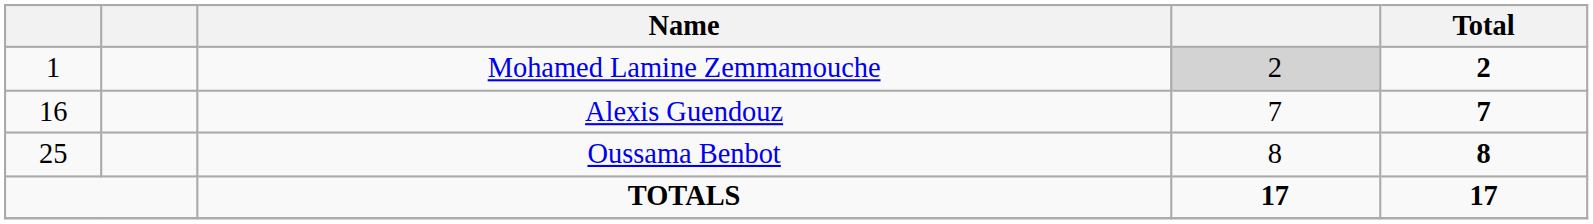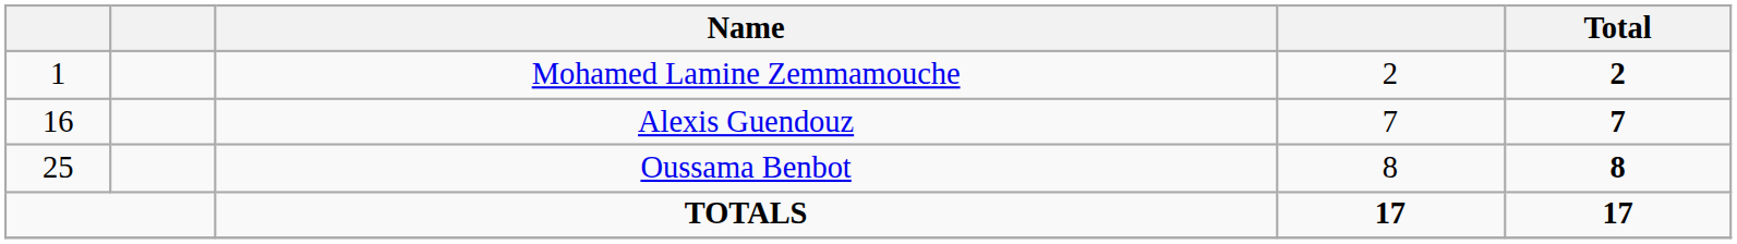 <table class="wikitable sortable alternance"  style="font-size:85%; text-align:center; line-height:14px; width:60%;">
 <tr>
 <th width=15></th>
 <th width=15></th>
 <th width=210>Name</th>
 <th width=40></th>
 <th width=40>Total</th>
 </tr>
 <tr>
 <td>1</td>
 <td></td>
 <td><a href='#'>Mohamed Lamine Zemmamouche</a></td>
-<td style="background: lightgrey;">2</td>
+<td>2</td>
 <td><strong>2</strong></td>
 </tr>
 <tr>
 <td>16</td>
 <td></td>
 <td><a href='#'>Alexis Guendouz</a></td>
 <td>7</td>
 <td><strong>7</strong></td>
 </tr>
 <tr>
 <td>25</td>
 <td></td>
 <td><a href='#'>Oussama Benbot</a></td>
 <td>8</td>
 <td><strong>8</strong></td>
 </tr>
 <tr>
 <td colspan="2"></td>
 <td><strong>TOTALS</strong></td>
 <td><strong>17</strong></td>
 <td><strong>17</strong></td>
 </tr>
 <tr>
 </tr>
 </table>
